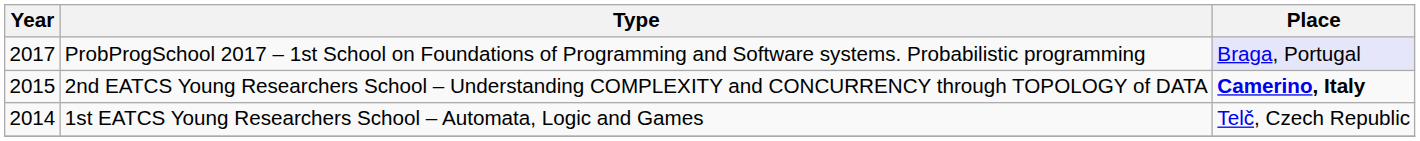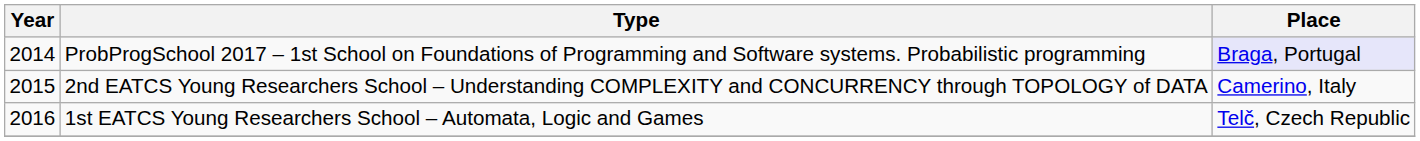 <table class="wikitable">
 <tr>
 <th>Year</th>
 <th>Type</th>
 <th>Place</th>
 </tr>
 <tr>
-<td>2017</td>
+<td>2014</td>
 <td>ProbProgSchool 2017 – 1st School on Foundations of Programming and Software systems. Probabilistic programming</td>
 <td style="background: lavender;"><a href='#'>Braga</a>, Portugal</td>
 </tr>
 <tr>
 <td>2015</td>
 <td>2nd EATCS Young Researchers School – Understanding COMPLEXITY and CONCURRENCY through TOPOLOGY of DATA</td>
-<td><strong><a href='#'>Camerino</a>, Italy</strong></td>
+<td><a href='#'>Camerino</a>, Italy</td>
 </tr>
 <tr>
-<td>2014</td>
+<td>2016</td>
 <td>1st EATCS Young Researchers School – Automata, Logic and Games</td>
 <td><a href='#'>Telč</a>, Czech Republic</td>
 </tr>
 <tr>
 </tr>
 </table>
